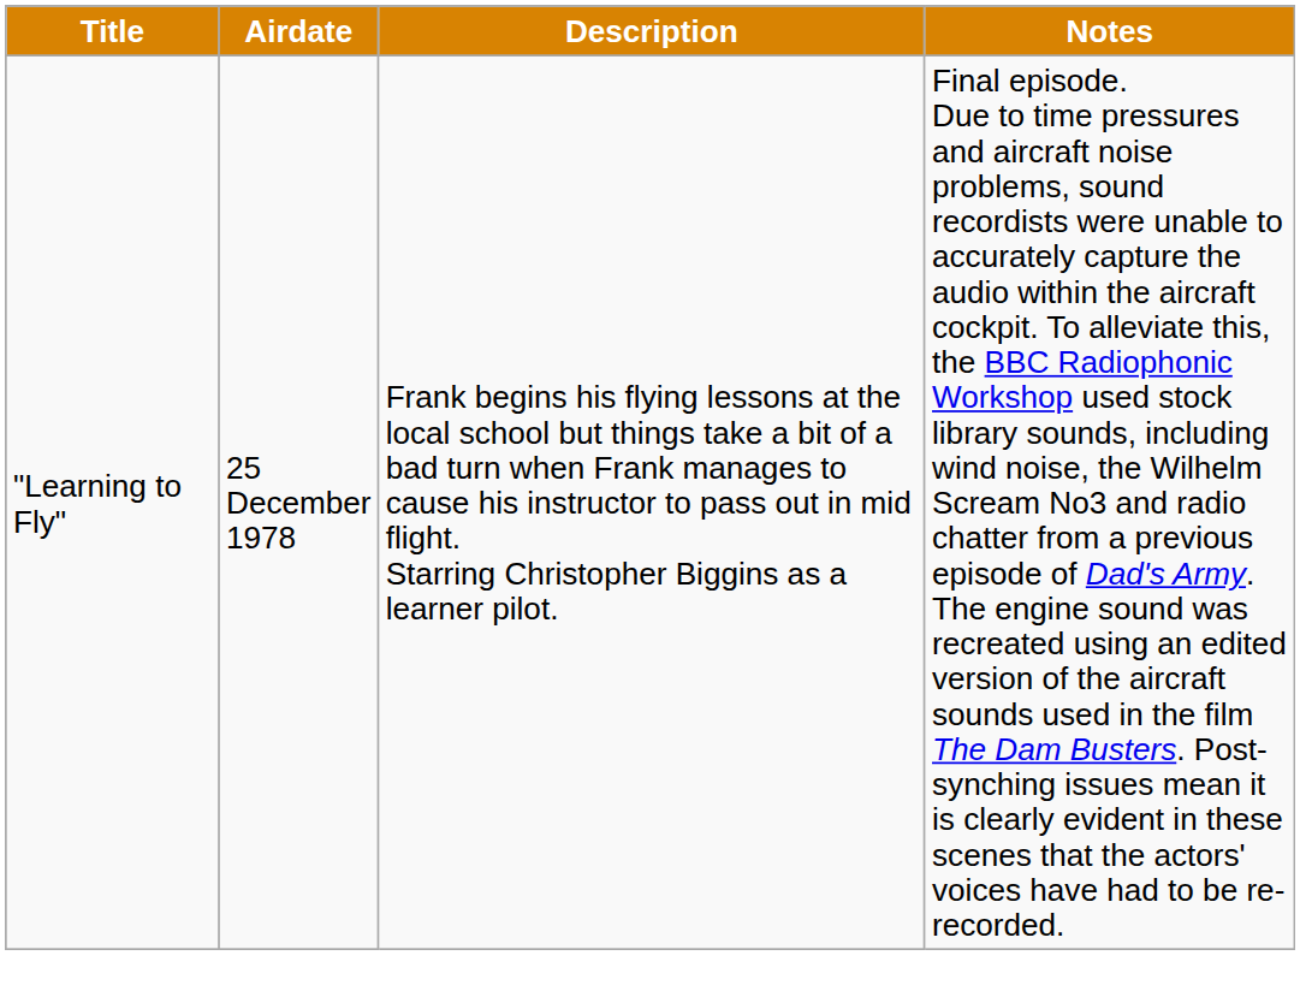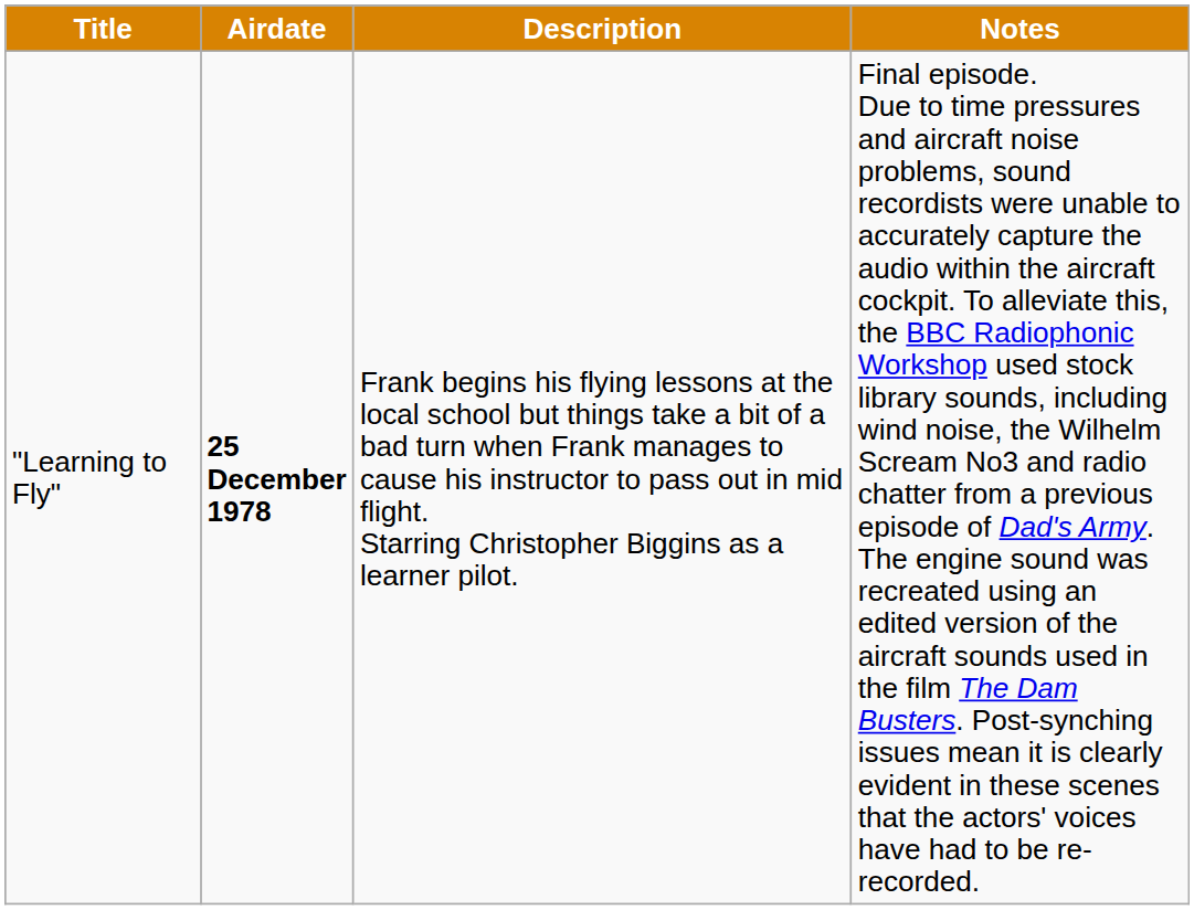 <table class="wikitable" width=100% border=1 style="font-size: 95%">
 <tr>
 </tr>
 <tr style="color:#fff;">
 <th style="background:#D88302" width=17%>Title</th>
 <th style="background:#D88302" width=8%>Airdate</th>
 <th style="background:#D88302" width=45%>Description</th>
 <th style="background:#D88302" width=30%>Notes</th>
 </tr>
 <tr>
 <td>"Learning to Fly"</td>
-<td>25 December 1978</td>
+<td><strong>25 December 1978</strong></td>
 <td>Frank begins his flying lessons at the local school but things take a bit of a bad turn when Frank manages to cause his instructor to pass out in mid flight.<br>Starring Christopher Biggins as a learner pilot.</td>
 <td>Final episode.<br>Due to time pressures and aircraft noise problems, sound recordists were unable to accurately capture the audio within the aircraft cockpit. To alleviate this, the <a href='#'>BBC Radiophonic Workshop</a> used stock library sounds, including wind noise, the Wilhelm Scream No3 and radio chatter from a previous episode of <em><a href='#'>Dad's Army</a></em>. The engine sound was recreated using an edited version of the aircraft sounds used in the film <em><a href='#'>The Dam Busters</a></em>. Post-synching issues mean it is clearly evident in these scenes that the actors' voices have had to be re-recorded.</td>
 </tr>
 </table>
